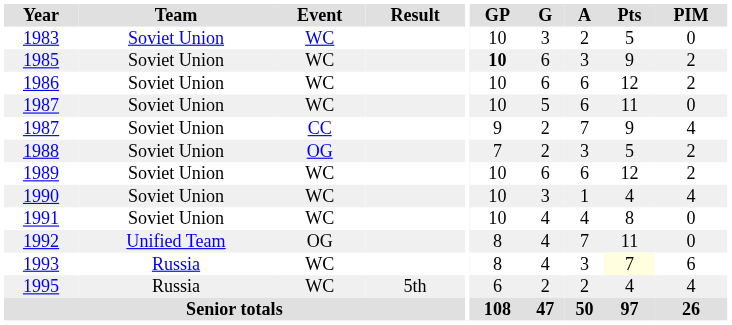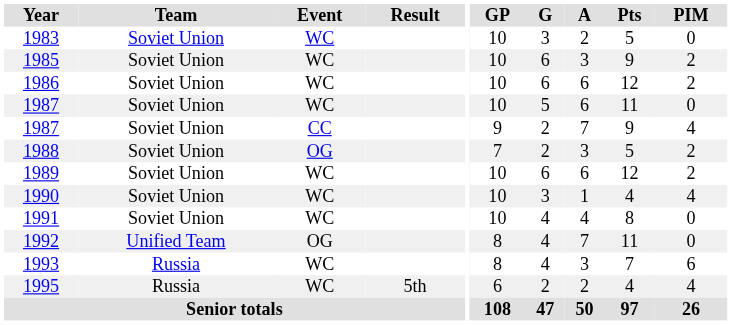 <table border="0" cellpadding="1" cellspacing="0" ID="Table3" style="text-align:center; width:40em">
 <tr ALIGN="center" bgcolor="#e0e0e0">
 <th>Year</th>
 <th>Team</th>
 <th>Event</th>
 <th>Result</th>
 <th rowspan="99" bgcolor="#ffffff"></th>
 <th>GP</th>
 <th>G</th>
 <th>A</th>
 <th>Pts</th>
 <th>PIM</th>
 </tr>
 <tr>
 <td><a href='#'>1983</a></td>
 <td><a href='#'>Soviet Union</a></td>
 <td><a href='#'>WC</a></td>
 <td></td>
 <td>10</td>
 <td>3</td>
 <td>2</td>
 <td>5</td>
 <td>0</td>
 </tr>
 <tr bgcolor="#f0f0f0">
 <td><a href='#'>1985</a></td>
 <td>Soviet Union</td>
 <td>WC</td>
 <td></td>
-<td><strong>10</strong></td>
+<td>10</td>
 <td>6</td>
 <td>3</td>
 <td>9</td>
 <td>2</td>
 </tr>
 <tr>
 <td><a href='#'>1986</a></td>
 <td>Soviet Union</td>
 <td>WC</td>
 <td></td>
 <td>10</td>
 <td>6</td>
 <td>6</td>
 <td>12</td>
 <td>2</td>
 </tr>
 <tr bgcolor="#f0f0f0">
 <td><a href='#'>1987</a></td>
 <td>Soviet Union</td>
 <td>WC</td>
 <td></td>
 <td>10</td>
 <td>5</td>
 <td>6</td>
 <td>11</td>
 <td>0</td>
 </tr>
 <tr>
 <td><a href='#'>1987</a></td>
 <td>Soviet Union</td>
 <td><a href='#'>CC</a></td>
 <td></td>
 <td>9</td>
 <td>2</td>
 <td>7</td>
 <td>9</td>
 <td>4</td>
 </tr>
 <tr bgcolor="#f0f0f0">
 <td><a href='#'>1988</a></td>
 <td>Soviet Union</td>
 <td><a href='#'>OG</a></td>
 <td></td>
 <td>7</td>
 <td>2</td>
 <td>3</td>
 <td>5</td>
 <td>2</td>
 </tr>
 <tr>
 <td><a href='#'>1989</a></td>
 <td>Soviet Union</td>
 <td>WC</td>
 <td></td>
 <td>10</td>
 <td>6</td>
 <td>6</td>
 <td>12</td>
 <td>2</td>
 </tr>
 <tr bgcolor="#f0f0f0">
 <td><a href='#'>1990</a></td>
 <td>Soviet Union</td>
 <td>WC</td>
 <td></td>
 <td>10</td>
 <td>3</td>
 <td>1</td>
 <td>4</td>
 <td>4</td>
 </tr>
 <tr>
 <td><a href='#'>1991</a></td>
 <td>Soviet Union</td>
 <td>WC</td>
 <td></td>
 <td>10</td>
 <td>4</td>
 <td>4</td>
 <td>8</td>
 <td>0</td>
 </tr>
 <tr bgcolor="#f0f0f0">
 <td><a href='#'>1992</a></td>
 <td><a href='#'>Unified Team</a></td>
 <td>OG</td>
 <td></td>
 <td>8</td>
 <td>4</td>
 <td>7</td>
 <td>11</td>
 <td>0</td>
 </tr>
 <tr>
 <td><a href='#'>1993</a></td>
 <td><a href='#'>Russia</a></td>
 <td>WC</td>
 <td></td>
 <td>8</td>
 <td>4</td>
 <td>3</td>
-<td style="background: lightyellow;">7</td>
+<td>7</td>
 <td>6</td>
 </tr>
 <tr bgcolor="#f0f0f0">
 <td><a href='#'>1995</a></td>
 <td>Russia</td>
 <td>WC</td>
 <td>5th</td>
 <td>6</td>
 <td>2</td>
 <td>2</td>
 <td>4</td>
 <td>4</td>
 </tr>
 <tr bgcolor="#e0e0e0">
 <th colspan=4>Senior totals</th>
 <th>108</th>
 <th>47</th>
 <th>50</th>
 <th>97</th>
 <th>26</th>
 </tr>
 </table>
